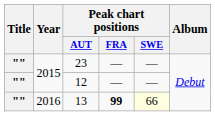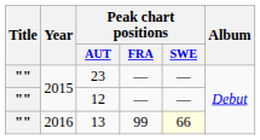 <table class="wikitable plainrowheaders" style="text-align:center;">
 <tr>
 <th rowspan="2" scope="col">Title</th>
 <th rowspan="2" scope="col">Year</th>
 <th colspan="3" scope="col">Peak chart positions</th>
 <th rowspan="2" scope="col">Album</th>
 </tr>
 <tr>
 <th scope="col" style="width:3em;font-size:85%;"><a href='#'>AUT</a><br></th>
 <th scope="col" style="width:3em;font-size:85%;"><a href='#'>FRA</a><br></th>
 <th scope="col" style="width:3em;font-size:85%;"><a href='#'>SWE</a><br></th>
 </tr>
 <tr>
 <th scope="row">""</th>
 <td rowspan="2">2015</td>
 <td>23</td>
 <td>—</td>
 <td>—</td>
 <td rowspan="3"><em><a href='#'>Debut</a></em></td>
 </tr>
 <tr>
 <th scope="row">""</th>
 <td>12</td>
 <td>—</td>
 <td>—</td>
 </tr>
 <tr>
 <th scope="row">""</th>
 <td rowspan="2">2016</td>
 <td>13</td>
-<td><strong>99</strong></td>
+<td>99</td>
 <td style="background: lightyellow;">66</td>
 </tr>
 </table>
